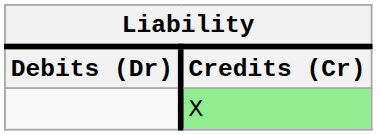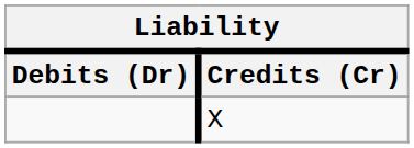 <table class="wikitable">
 <tr>
 <th style="border-bottom:3px solid black" colspan="2">Liability</th>
 </tr>
 <tr>
 <th style="border-right:3px solid black">Debits (Dr)</th>
 <th>Credits (Cr)</th>
 </tr>
 <tr>
 <td style="border-right:3px solid black"> </td>
-<td style="background: lightgreen;">X</td>
+<td>X</td>
 </tr>
 </table>
